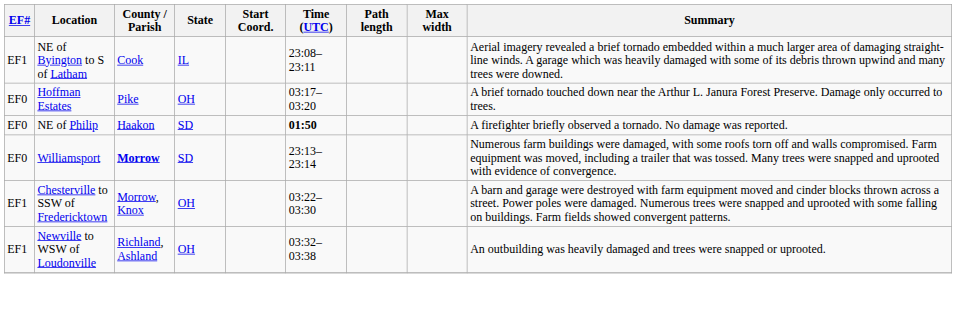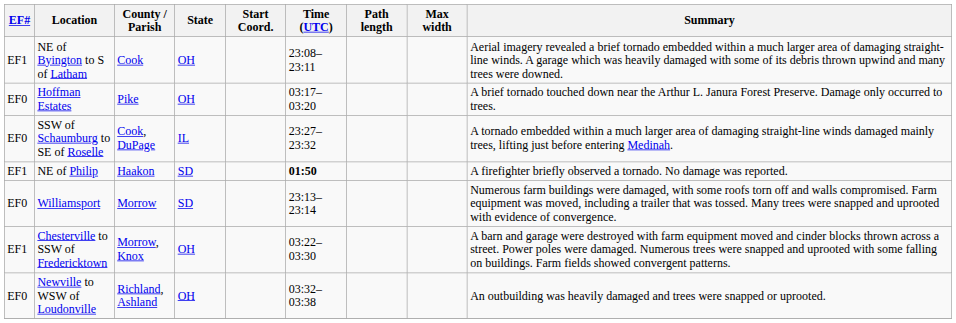 <table class="wikitable sortable" style="width:100%;">
 <tr>
 <th scope="col"  style="width:3%; text-align:center;"><a href='#'>EF#</a></th>
 <th scope="col"  style="width:7%; text-align:center;" class="unsortable">Location</th>
 <th scope="col"  style="width:6%; text-align:center;" class="unsortable">County / Parish</th>
 <th scope="col"  style="width:5%; text-align:center;">State</th>
 <th scope="col"  style="width:6%; text-align:center;">Start Coord.</th>
 <th scope="col"  style="width:6%; text-align:center;">Time (<a href='#'>UTC</a>)</th>
 <th scope="col"  style="width:6%; text-align:center;">Path length</th>
 <th scope="col"  style="width:6%; text-align:center;">Max width</th>
 <th scope="col" class="unsortable" style="width:48%; text-align:center;">Summary</th>
 </tr>
 <tr>
 <td>EF1</td>
 <td>NE of <a href='#'>Byington</a> to S of <a href='#'>Latham</a></td>
 <td><a href='#'>Cook</a></td>
-<td><a href='#'>IL</a></td>
+<td><a href='#'>OH</a></td>
 <td></td>
 <td>23:08–23:11</td>
 <td></td>
 <td></td>
 <td>Aerial imagery revealed a brief tornado embedded within a much larger area of damaging straight-line winds. A garage which was heavily damaged with some of its debris thrown upwind and many trees were downed.</td>
 </tr>
 <tr>
 <td>EF0</td>
 <td><a href='#'>Hoffman Estates</a></td>
 <td><a href='#'>Pike</a></td>
 <td><a href='#'>OH</a></td>
 <td></td>
 <td>03:17–03:20</td>
 <td></td>
 <td></td>
 <td>A brief tornado touched down near the Arthur L. Janura Forest Preserve. Damage only occurred to trees.</td>
 </tr>
 <tr>
 <td>EF0</td>
+<td>SSW of <a href='#'>Schaumburg</a> to SE of <a href='#'>Roselle</a></td>
+<td><a href='#'>Cook</a>, <a href='#'>DuPage</a></td>
+<td><a href='#'>IL</a></td>
+<td></td>
+<td>23:27–23:32</td>
+<td></td>
+<td></td>
+<td>A tornado embedded within a much larger area of damaging  straight-line winds damaged mainly trees, lifting just before entering <a href='#'>Medinah</a>.</td>
+</tr>
+<tr>
+<td>EF1</td>
 <td>NE of <a href='#'>Philip</a></td>
 <td><a href='#'>Haakon</a></td>
 <td><a href='#'>SD</a></td>
 <td></td>
 <td><strong>01:50</strong></td>
 <td></td>
 <td></td>
 <td>A firefighter briefly observed a tornado. No damage was reported.</td>
 </tr>
 <tr>
 <td>EF0</td>
 <td><a href='#'>Williamsport</a></td>
-<td><strong><a href='#'>Morrow</a></strong></td>
+<td><a href='#'>Morrow</a></td>
 <td><a href='#'>SD</a></td>
 <td></td>
 <td>23:13–23:14</td>
 <td></td>
 <td></td>
 <td>Numerous farm buildings were damaged, with some roofs torn off and walls compromised. Farm equipment was moved, including a trailer that was tossed. Many trees were snapped and uprooted with evidence of convergence.</td>
 </tr>
 <tr>
 <td>EF1</td>
 <td><a href='#'>Chesterville</a> to SSW of <a href='#'>Fredericktown</a></td>
 <td><a href='#'>Morrow</a>, <a href='#'>Knox</a></td>
 <td><a href='#'>OH</a></td>
 <td></td>
 <td>03:22–03:30</td>
 <td></td>
 <td></td>
 <td>A barn and garage were destroyed with farm equipment moved  and cinder blocks thrown across a street. Power poles were damaged. Numerous trees were snapped and uprooted with some falling on buildings. Farm fields showed convergent patterns.</td>
 </tr>
 <tr>
-<td>EF1</td>
+<td>EF0</td>
 <td><a href='#'>Newville</a> to WSW of <a href='#'>Loudonville</a></td>
 <td><a href='#'>Richland</a>, <a href='#'>Ashland</a></td>
 <td><a href='#'>OH</a></td>
 <td></td>
 <td>03:32–03:38</td>
 <td></td>
 <td></td>
 <td>An outbuilding was heavily damaged and trees were snapped or uprooted.</td>
 </tr>
 <tr>
 </tr>
 </table>
